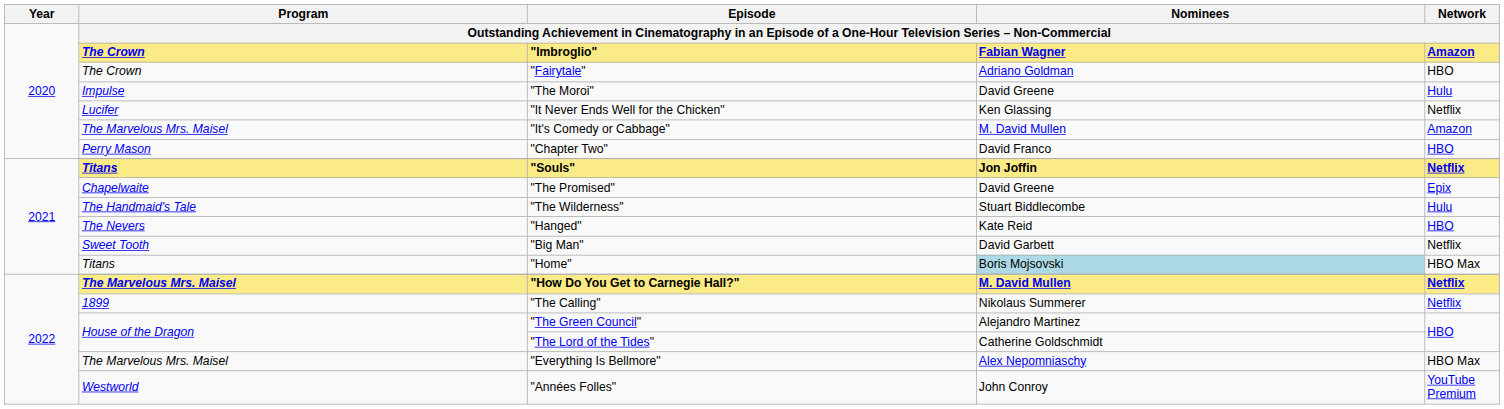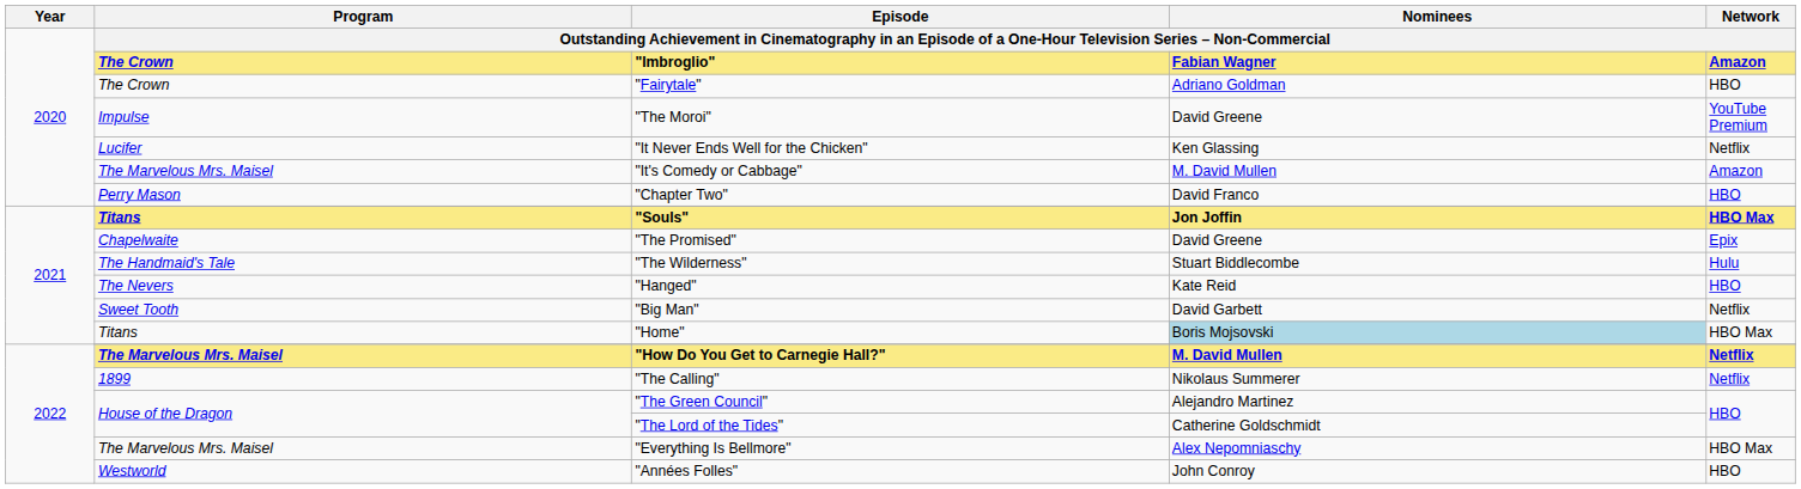 <table class="wikitable">
 <tr>
 <th width="5%">Year</th>
 <th width="30%">Program</th>
 <th width="30%">Episode</th>
 <th width="30%">Nominees</th>
 <th width="5%">Network</th>
 </tr>
 <tr>
 <td rowspan="7" style="text-align:center;"><a href='#'>2020</a><br></td>
 <th colspan="4">Outstanding Achievement in Cinematography in an Episode of a One-Hour Television Series – Non-Commercial</th>
 </tr>
 <tr style="background:#FAEB86;">
 <td><strong><em><a href='#'>The Crown</a></em></strong></td>
 <td><strong>"Imbroglio"</strong></td>
 <td><strong><a href='#'>Fabian Wagner</a></strong></td>
 <td><strong><a href='#'>Amazon</a></strong></td>
 </tr>
 <tr>
 <td><em>The Crown</em></td>
 <td>"<a href='#'>Fairytale</a>"</td>
 <td><a href='#'>Adriano Goldman</a></td>
 <td>HBO</td>
 </tr>
 <tr>
 <td><em><a href='#'>Impulse</a></em></td>
 <td>"The Moroi"</td>
 <td>David Greene</td>
-<td><a href='#'>Hulu</a></td>
+<td><a href='#'>YouTube Premium</a></td>
 </tr>
 <tr>
 <td><em><a href='#'>Lucifer</a></em></td>
 <td>"It Never Ends Well for the Chicken"</td>
 <td>Ken Glassing</td>
 <td>Netflix</td>
 </tr>
 <tr>
 <td><em><a href='#'>The Marvelous Mrs. Maisel</a></em></td>
 <td>"It's Comedy or Cabbage"</td>
 <td><a href='#'>M. David Mullen</a></td>
 <td><a href='#'>Amazon</a></td>
 </tr>
 <tr>
 <td><em><a href='#'>Perry Mason</a></em></td>
 <td>"Chapter Two"</td>
 <td>David Franco</td>
 <td><a href='#'>HBO</a></td>
 </tr>
 <tr>
 <td rowspan="7" style="text-align:center;"><a href='#'>2021</a> <br></td>
 </tr>
 <tr style="background:#FAEB86;">
 <td><strong><em><a href='#'>Titans</a></em></strong></td>
 <td><strong>"Souls"</strong></td>
 <td><strong>Jon Joffin</strong></td>
-<td><strong><a href='#'>Netflix</a></strong></td>
+<td><strong><a href='#'>HBO Max</a></strong></td>
 </tr>
 <tr>
 <td><em><a href='#'>Chapelwaite</a></em></td>
 <td>"The Promised"</td>
 <td>David Greene</td>
 <td><a href='#'>Epix</a></td>
 </tr>
 <tr>
 <td><em><a href='#'>The Handmaid's Tale</a></em></td>
 <td>"The Wilderness"</td>
 <td>Stuart Biddlecombe</td>
 <td><a href='#'>Hulu</a></td>
 </tr>
 <tr>
 <td><em><a href='#'>The Nevers</a></em></td>
 <td>"Hanged"</td>
 <td>Kate Reid</td>
 <td><a href='#'>HBO</a></td>
 </tr>
 <tr>
 <td><em><a href='#'>Sweet Tooth</a></em></td>
 <td>"Big Man"</td>
 <td>David Garbett</td>
 <td>Netflix</td>
 </tr>
 <tr>
 <td><em>Titans</em></td>
 <td>"Home"</td>
 <td style="background: lightblue;">Boris Mojsovski</td>
 <td>HBO Max</td>
 </tr>
 <tr>
 <td rowspan="7" style="text-align:center;"><a href='#'>2022</a> <br></td>
 </tr>
 <tr style="background:#FAEB86;">
 <td><strong><em><a href='#'>The Marvelous Mrs. Maisel</a></em></strong></td>
 <td><strong>"How Do You Get to Carnegie Hall?"</strong></td>
 <td><strong><a href='#'>M. David Mullen</a></strong></td>
 <td><strong><a href='#'>Netflix</a></strong></td>
 </tr>
 <tr>
 <td><em><a href='#'>1899</a></em></td>
 <td>"The Calling"</td>
 <td>Nikolaus Summerer</td>
 <td><a href='#'>Netflix</a></td>
 </tr>
 <tr>
 <td rowspan="2"><em><a href='#'>House of the Dragon</a></em></td>
 <td>"<a href='#'>The Green Council</a>"</td>
 <td>Alejandro Martinez</td>
 <td rowspan="2"><a href='#'>HBO</a></td>
 </tr>
 <tr>
 <td>"<a href='#'>The Lord of the Tides</a>"</td>
 <td>Catherine Goldschmidt</td>
 </tr>
 <tr>
 <td><em>The Marvelous Mrs. Maisel</em></td>
 <td>"Everything Is Bellmore"</td>
 <td><a href='#'>Alex Nepomniaschy</a></td>
 <td>HBO Max</td>
 </tr>
 <tr>
 <td><em><a href='#'>Westworld</a></em></td>
 <td>"Années Folles"</td>
 <td>John Conroy</td>
-<td><a href='#'>YouTube Premium</a></td>
+<td>HBO</td>
 </tr>
 </table>
